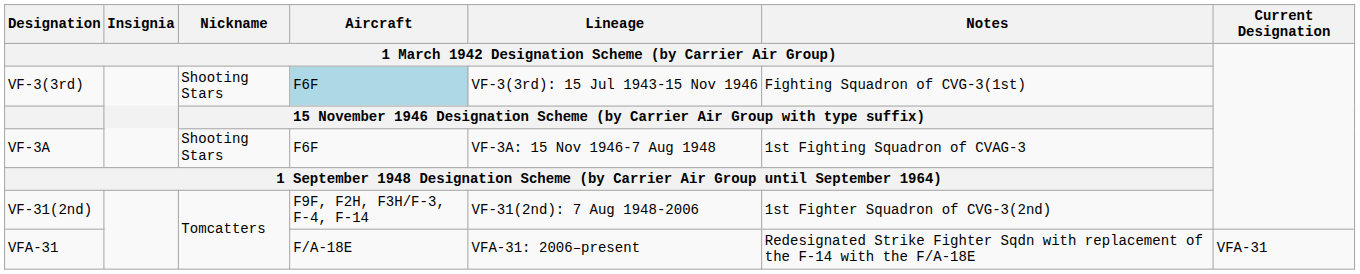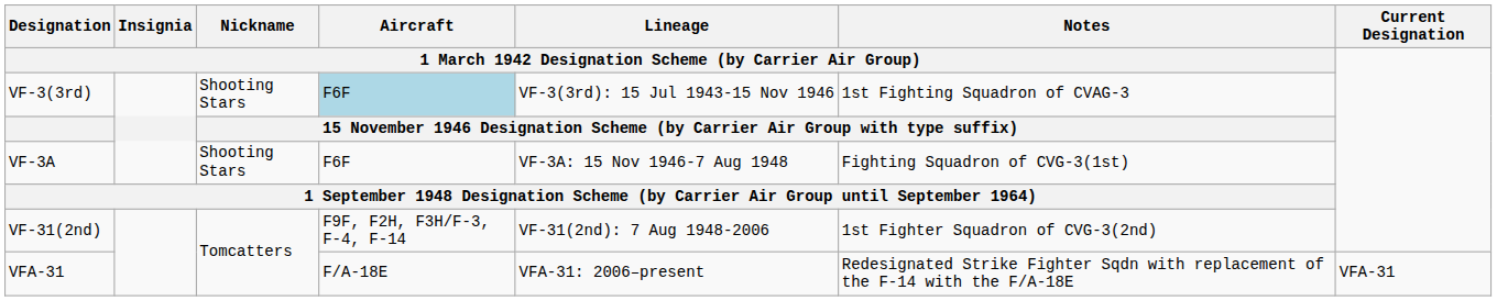 <table class="wikitable">
 <tr>
 <th>Designation</th>
 <th>Insignia</th>
 <th>Nickname</th>
 <th>Aircraft</th>
 <th>Lineage</th>
 <th>Notes</th>
 <th>Current Designation</th>
 </tr>
 <tr>
 <th colspan=6>1 March 1942 Designation Scheme (by Carrier Air Group)</th>
 </tr>
 <tr>
 <td>VF-3(3rd)</td>
 <td rowspan="3"></td>
 <td>Shooting Stars</td>
 <td style="background: lightblue;">F6F</td>
 <td style="white-space: nowrap;">VF-3(3rd): 15 Jul 1943-15 Nov 1946</td>
-<td>Fighting Squadron of CVG-3(1st)</td>
+<td>1st Fighting Squadron of CVAG-3</td>
 </tr>
 <tr>
 <th colspan=6>15 November 1946 Designation Scheme (by Carrier Air Group with type suffix)</th>
 </tr>
 <tr>
 <td>VF-3A</td>
 <td>Shooting Stars</td>
 <td>F6F</td>
 <td>VF-3A: 15 Nov 1946-7 Aug 1948</td>
-<td>1st Fighting Squadron of CVAG-3</td>
+<td>Fighting Squadron of CVG-3(1st)</td>
 </tr>
 <tr>
 <th colspan=6>1 September 1948 Designation Scheme (by Carrier Air Group until September 1964)</th>
 </tr>
 <tr>
 <td>VF-31(2nd)</td>
 <td rowspan="2"></td>
 <td rowspan="2">Tomcatters</td>
 <td>F9F, F2H, F3H/F-3, F-4, F-14</td>
 <td>VF-31(2nd): 7 Aug 1948-2006</td>
 <td>1st Fighter Squadron of CVG-3(2nd)</td>
 </tr>
 <tr>
 <td>VFA-31</td>
 <td>F/A-18E</td>
 <td>VFA-31: 2006–present</td>
 <td>Redesignated Strike Fighter Sqdn with replacement of the F-14 with the F/A-18E</td>
 <td>VFA-31</td>
 </tr>
 </table>
